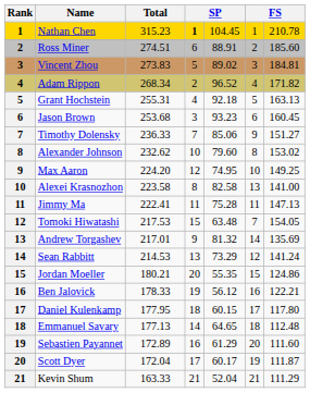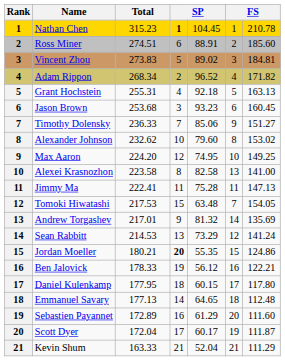 <table class="wikitable sortable">
 <tr>
 <th>Rank</th>
 <th>Name</th>
 <th width="80px">Total</th>
 <th colspan="2" width="80px"><a href='#'>SP</a></th>
 <th colspan="2" width="80px"><a href='#'>FS</a></th>
 </tr>
 <tr bgcolor="gold">
 <td align="center"><strong>1</strong></td>
 <td><a href='#'>Nathan Chen</a></td>
 <td align="center">315.23</td>
 <td align="center"><strong>1</strong></td>
 <td align="center">104.45</td>
 <td align="center">1</td>
 <td align="center">210.78</td>
 </tr>
 <tr bgcolor="silver">
 <td align="center"><strong>2</strong></td>
 <td><a href='#'>Ross Miner</a></td>
 <td align="center">274.51</td>
 <td align="center">6</td>
 <td align="center">88.91</td>
 <td align="center">2</td>
 <td align="center">185.60</td>
 </tr>
 <tr bgcolor="cc9966">
 <td align="center"><strong>3</strong></td>
 <td><a href='#'>Vincent Zhou</a></td>
 <td align="center">273.83</td>
 <td align="center">5</td>
 <td align="center">89.02</td>
 <td align="center">3</td>
 <td align="center">184.81</td>
 </tr>
 <tr bgcolor="#d1c571">
 <td align="center"><strong>4</strong></td>
 <td><a href='#'>Adam Rippon</a></td>
 <td align="center">268.34</td>
 <td align="center">2</td>
 <td align="center">96.52</td>
 <td align="center">4</td>
 <td align="center">171.82</td>
 </tr>
 <tr>
 <th>5</th>
 <td><a href='#'>Grant Hochstein</a></td>
 <td align="center">255.31</td>
 <td align="center">4</td>
 <td align="center">92.18</td>
 <td align="center">5</td>
 <td align="center">163.13</td>
 </tr>
 <tr>
 <th>6</th>
 <td><a href='#'>Jason Brown</a></td>
 <td align="center">253.68</td>
 <td align="center">3</td>
 <td align="center">93.23</td>
 <td align="center">6</td>
 <td align="center">160.45</td>
 </tr>
 <tr>
 <th>7</th>
 <td><a href='#'>Timothy Dolensky</a></td>
 <td align="center">236.33</td>
 <td align="center">7</td>
 <td align="center">85.06</td>
 <td align="center">9</td>
 <td align="center">151.27</td>
 </tr>
 <tr>
 <th>8</th>
 <td><a href='#'>Alexander Johnson</a></td>
 <td align="center">232.62</td>
 <td align="center">10</td>
 <td align="center">79.60</td>
 <td align="center">8</td>
 <td align="center">153.02</td>
 </tr>
 <tr>
 <th>9</th>
 <td><a href='#'>Max Aaron</a></td>
 <td align="center">224.20</td>
 <td align="center">12</td>
 <td align="center">74.95</td>
 <td align="center">10</td>
 <td align="center">149.25</td>
 </tr>
 <tr>
 <th>10</th>
 <td><a href='#'>Alexei Krasnozhon</a></td>
 <td align="center">223.58</td>
 <td align="center">8</td>
 <td align="center">82.58</td>
 <td align="center">13</td>
 <td align="center">141.00</td>
 </tr>
 <tr>
 <th>11</th>
 <td><a href='#'>Jimmy Ma</a></td>
 <td align="center">222.41</td>
 <td align="center">11</td>
 <td align="center">75.28</td>
 <td align="center">11</td>
 <td align="center">147.13</td>
 </tr>
 <tr>
 <th>12</th>
 <td><a href='#'>Tomoki Hiwatashi</a></td>
 <td align="center">217.53</td>
 <td align="center">15</td>
 <td align="center">63.48</td>
 <td align="center">7</td>
 <td align="center">154.05</td>
 </tr>
 <tr>
 <th>13</th>
 <td><a href='#'>Andrew Torgashev</a></td>
 <td align="center">217.01</td>
 <td align="center">9</td>
 <td align="center">81.32</td>
 <td align="center">14</td>
 <td align="center">135.69</td>
 </tr>
 <tr>
 <th>14</th>
 <td><a href='#'>Sean Rabbitt</a></td>
 <td align="center">214.53</td>
 <td align="center">13</td>
 <td align="center">73.29</td>
 <td align="center">12</td>
 <td align="center">141.24</td>
 </tr>
 <tr>
 <th>15</th>
 <td><a href='#'>Jordan Moeller</a></td>
 <td align="center">180.21</td>
-<td align="center">20</td>
+<td align="center"><strong>20</strong></td>
 <td align="center">55.35</td>
 <td align="center">15</td>
 <td align="center">124.86</td>
 </tr>
 <tr>
 <th>16</th>
 <td><a href='#'>Ben Jalovick</a></td>
 <td align="center">178.33</td>
 <td align="center">19</td>
 <td align="center">56.12</td>
 <td align="center">16</td>
 <td align="center">122.21</td>
 </tr>
 <tr>
 <th>17</th>
 <td><a href='#'>Daniel Kulenkamp</a></td>
 <td align="center">177.95</td>
 <td align="center">18</td>
 <td align="center">60.15</td>
 <td align="center">17</td>
 <td align="center">117.80</td>
 </tr>
 <tr>
 <th>18</th>
 <td><a href='#'>Emmanuel Savary</a></td>
 <td align="center">177.13</td>
 <td align="center">14</td>
 <td align="center">64.65</td>
 <td align="center">18</td>
 <td align="center">112.48</td>
 </tr>
 <tr>
 <th>19</th>
 <td><a href='#'>Sebastien Payannet</a></td>
 <td align="center">172.89</td>
 <td align="center">16</td>
 <td align="center">61.29</td>
 <td align="center">20</td>
 <td align="center">111.60</td>
 </tr>
 <tr>
 <th>20</th>
 <td><a href='#'>Scott Dyer</a></td>
 <td align="center">172.04</td>
 <td align="center">17</td>
 <td align="center">60.17</td>
 <td align="center">19</td>
 <td align="center">111.87</td>
 </tr>
 <tr>
 <th>21</th>
 <td>Kevin Shum</td>
 <td align="center">163.33</td>
 <td align="center">21</td>
 <td align="center">52.04</td>
 <td align="center">21</td>
 <td align="center">111.29</td>
 </tr>
 </table>
